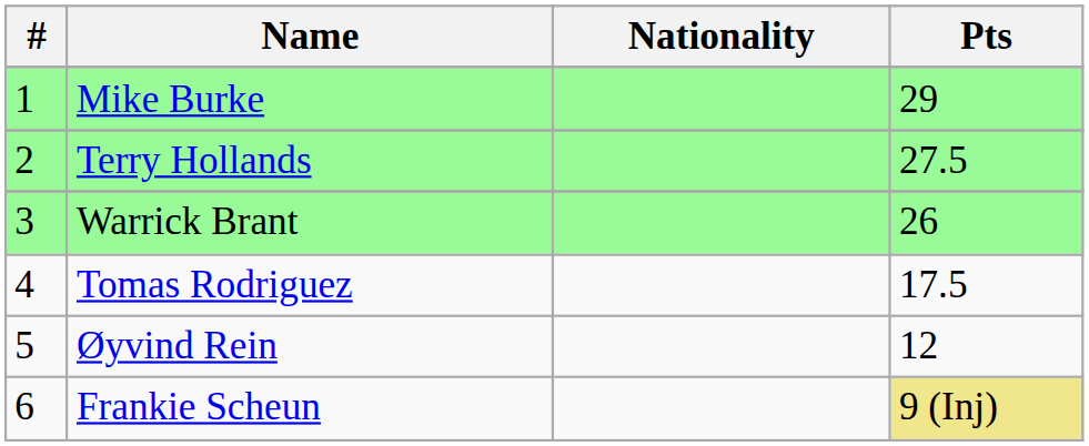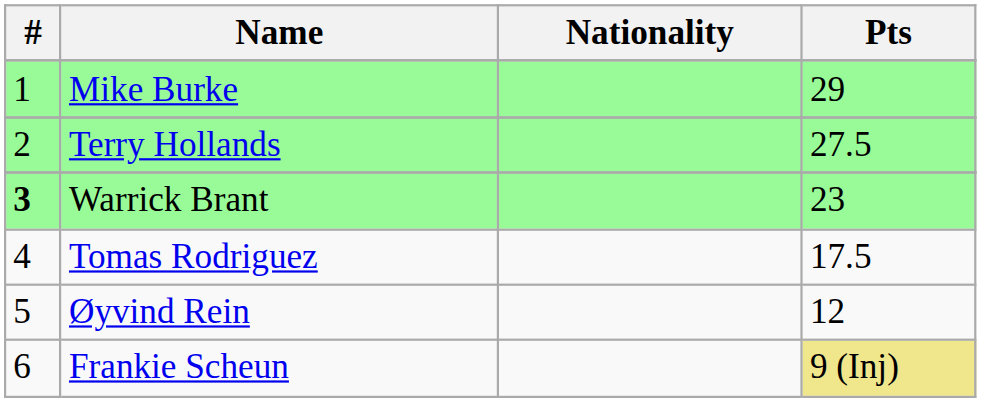 <table class="wikitable" style="display: inline-table; width: 50%;">
 <tr>
 <th>#</th>
 <th>Name</th>
 <th>Nationality</th>
 <th>Pts</th>
 </tr>
 <tr>
 </tr>
 <tr style="background:palegreen">
 <td>1</td>
 <td><a href='#'>Mike Burke</a></td>
 <td></td>
 <td>29</td>
 </tr>
 <tr>
 </tr>
 <tr style="background:palegreen">
 <td>2</td>
 <td><a href='#'>Terry Hollands</a></td>
 <td></td>
 <td>27.5</td>
 </tr>
 <tr>
 </tr>
 <tr style="background:palegreen">
-<td>3</td>
+<td><strong>3</strong></td>
 <td>Warrick Brant</td>
 <td></td>
-<td>26</td>
+<td>23</td>
 </tr>
 <tr>
 <td>4</td>
 <td><a href='#'>Tomas Rodriguez</a></td>
 <td></td>
 <td>17.5</td>
 </tr>
 <tr>
 <td>5</td>
 <td><a href='#'>Øyvind Rein</a></td>
 <td></td>
 <td>12</td>
 </tr>
 <tr>
 <td>6</td>
 <td><a href='#'>Frankie Scheun</a></td>
 <td></td>
 <td style="background: khaki;">9 (Inj)</td>
 </tr>
 </table>
